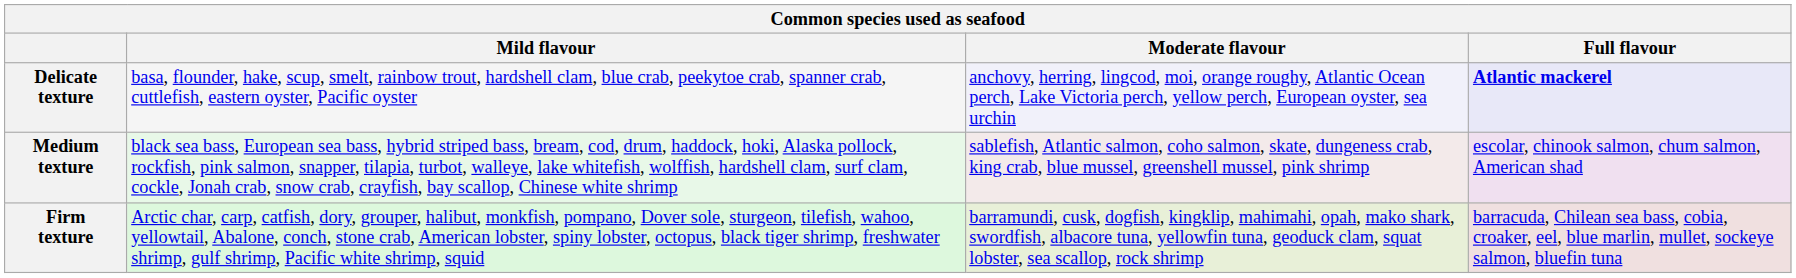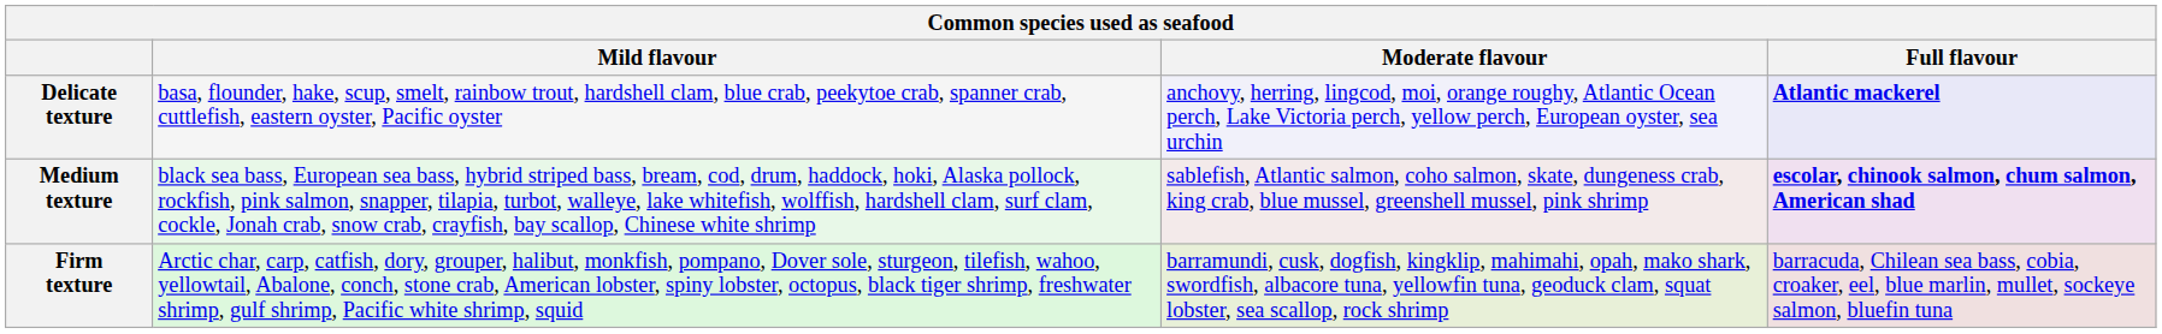 <table class="wikitable collapsible">
 <tr>
 <th colspan="4" style="width:570px;">Common species used as seafood</th>
 </tr>
 <tr>
 <th style="width:100px;"></th>
 <th>Mild flavour</th>
 <th>Moderate flavour</th>
 <th>Full flavour</th>
 </tr>
 <tr>
 <th valign=top>Delicate<br>texture</th>
 <td style="vertical-align:top; background:#f5f5f5;"><a href='#'>basa</a>, <a href='#'>flounder</a>, <a href='#'>hake</a>, <a href='#'>scup</a>, <a href='#'>smelt</a>, <a href='#'>rainbow trout</a>, <a href='#'>hardshell clam</a>, <a href='#'>blue crab</a>, <a href='#'>peekytoe crab</a>, <a href='#'>spanner crab</a>, <a href='#'>cuttlefish</a>, <a href='#'>eastern oyster</a>, <a href='#'>Pacific oyster</a></td>
 <td style="vertical-align:top; background:#f1f1fa;"><a href='#'>anchovy</a>, <a href='#'>herring</a>, <a href='#'>lingcod</a>, <a href='#'>moi</a>, <a href='#'>orange roughy</a>, <a href='#'>Atlantic Ocean perch</a>, <a href='#'>Lake Victoria perch</a>, <a href='#'>yellow perch</a>, <a href='#'>European oyster</a>, <a href='#'>sea urchin</a></td>
 <td style="vertical-align:top; background:#e8e8f8;"><strong><a href='#'>Atlantic mackerel</a></strong></td>
 </tr>
 <tr>
 <th valign=top>Medium<br>texture</th>
 <td style="vertical-align:top; background:#e8f8e8;"><a href='#'>black sea bass</a>, <a href='#'>European sea bass</a>, <a href='#'>hybrid striped bass</a>, <a href='#'>bream</a>, <a href='#'>cod</a>, <a href='#'>drum</a>, <a href='#'>haddock</a>, <a href='#'>hoki</a>, <a href='#'>Alaska pollock</a>, <a href='#'>rockfish</a>, <a href='#'>pink salmon</a>, <a href='#'>snapper</a>, <a href='#'>tilapia</a>, <a href='#'>turbot</a>, <a href='#'>walleye</a>, <a href='#'>lake whitefish</a>, <a href='#'>wolffish</a>, <a href='#'>hardshell clam</a>, <a href='#'>surf clam</a>, <a href='#'>cockle</a>, <a href='#'>Jonah crab</a>, <a href='#'>snow crab</a>, <a href='#'>crayfish</a>, <a href='#'>bay scallop</a>, <a href='#'>Chinese white shrimp</a></td>
 <td style="vertical-align:top; background:#f3eaea;"><a href='#'>sablefish</a>, <a href='#'>Atlantic salmon</a>, <a href='#'>coho salmon</a>, <a href='#'>skate</a>, <a href='#'>dungeness crab</a>, <a href='#'>king crab</a>, <a href='#'>blue mussel</a>, <a href='#'>greenshell mussel</a>, <a href='#'>pink shrimp</a></td>
-<td style="vertical-align:top; background:#f0e0f0;"><a href='#'>escolar</a>, <a href='#'>chinook salmon</a>, <a href='#'>chum salmon</a>, <a href='#'>American shad</a></td>
+<td style="vertical-align:top; background:#f0e0f0;"><strong><a href='#'>escolar</a>, <a href='#'>chinook salmon</a>, <a href='#'>chum salmon</a>, <a href='#'>American shad</a></strong></td>
 </tr>
 <tr>
 <th valign=top>Firm<br>texture</th>
 <td style="vertical-align:top; background:#ddf8dd;"><a href='#'>Arctic char</a>, <a href='#'>carp</a>, <a href='#'>catfish</a>, <a href='#'>dory</a>, <a href='#'>grouper</a>, <a href='#'>halibut</a>, <a href='#'>monkfish</a>, <a href='#'>pompano</a>, <a href='#'>Dover sole</a>, <a href='#'>sturgeon</a>, <a href='#'>tilefish</a>, <a href='#'>wahoo</a>, <a href='#'>yellowtail</a>, <a href='#'>Abalone</a>, <a href='#'>conch</a>, <a href='#'>stone crab</a>, <a href='#'>American lobster</a>, <a href='#'>spiny lobster</a>, <a href='#'>octopus</a>, <a href='#'>black tiger shrimp</a>, <a href='#'>freshwater shrimp</a>, <a href='#'>gulf shrimp</a>, <a href='#'>Pacific white shrimp</a>, <a href='#'>squid</a></td>
 <td style="vertical-align:top; background:#e8f0d8;"><a href='#'>barramundi</a>, <a href='#'>cusk</a>, <a href='#'>dogfish</a>, <a href='#'>kingklip</a>, <a href='#'>mahimahi</a>, <a href='#'>opah</a>, <a href='#'>mako shark</a>, <a href='#'>swordfish</a>, <a href='#'>albacore tuna</a>, <a href='#'>yellowfin tuna</a>, <a href='#'>geoduck clam</a>, <a href='#'>squat lobster</a>, <a href='#'>sea scallop</a>, <a href='#'>rock shrimp</a></td>
 <td style="vertical-align:top; background:#f0e0e0;"><a href='#'>barracuda</a>, <a href='#'>Chilean sea bass</a>, <a href='#'>cobia</a>, <a href='#'>croaker</a>, <a href='#'>eel</a>, <a href='#'>blue marlin</a>, <a href='#'>mullet</a>, <a href='#'>sockeye salmon</a>, <a href='#'>bluefin tuna</a></td>
 </tr>
 </table>
